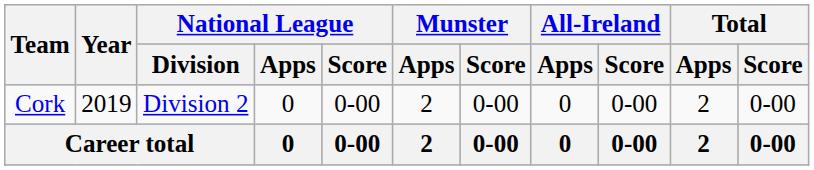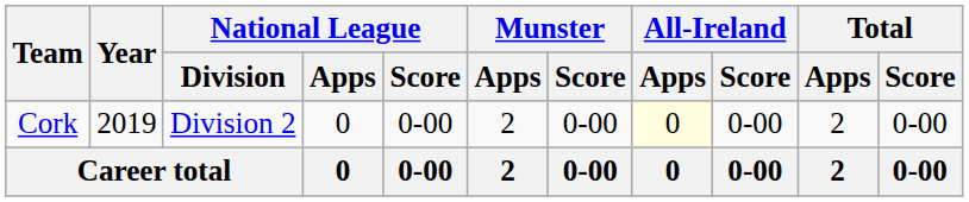 <table class="wikitable" style="text-align:center">
 <tr>
 <th rowspan="2">Team</th>
 <th rowspan="2">Year</th>
 <th colspan="3"><a href='#'>National League</a></th>
 <th colspan="2"><a href='#'>Munster</a></th>
 <th colspan="2"><a href='#'>All-Ireland</a></th>
 <th colspan="2">Total</th>
 </tr>
 <tr>
 <th>Division</th>
 <th>Apps</th>
 <th>Score</th>
 <th>Apps</th>
 <th>Score</th>
 <th>Apps</th>
 <th>Score</th>
 <th>Apps</th>
 <th>Score</th>
 </tr>
 <tr>
 <td rowspan="1"><a href='#'>Cork</a></td>
 <td>2019</td>
 <td rowspan="1"><a href='#'>Division 2</a></td>
 <td>0</td>
 <td>0-00</td>
 <td>2</td>
 <td>0-00</td>
-<td>0</td>
+<td style="background: lightyellow;">0</td>
 <td>0-00</td>
 <td>2</td>
 <td>0-00</td>
 </tr>
 <tr>
 <th colspan="3">Career total</th>
 <th>0</th>
 <th>0-00</th>
 <th>2</th>
 <th>0-00</th>
 <th>0</th>
 <th>0-00</th>
 <th>2</th>
 <th>0-00</th>
 </tr>
 </table>
